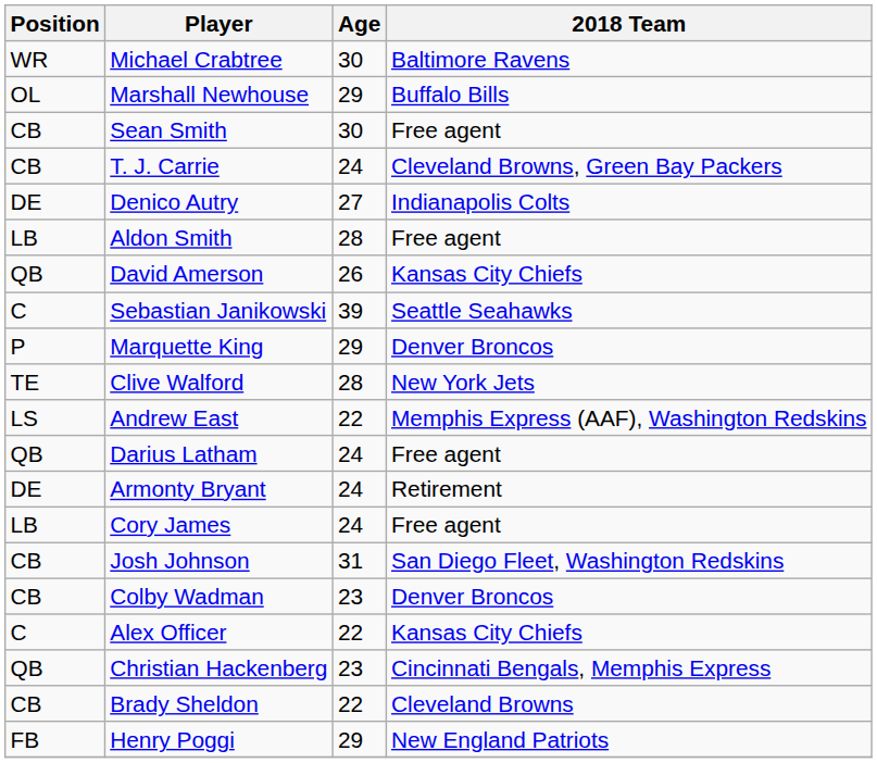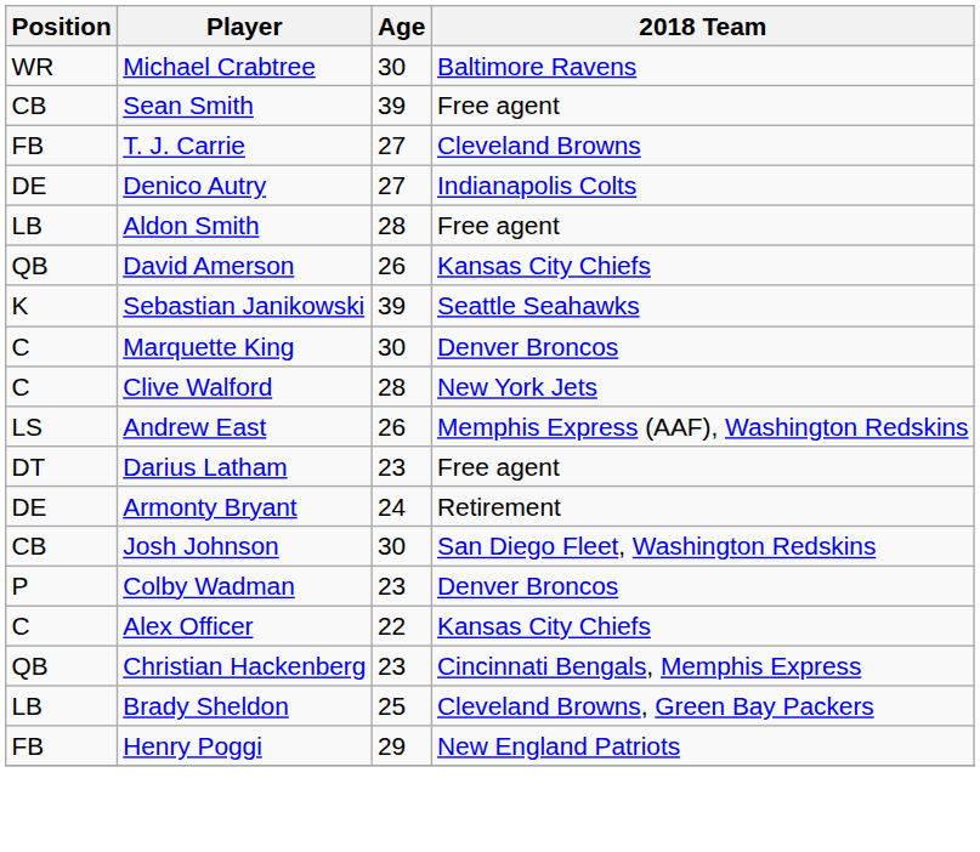 <table class="wikitable" style="font-size: 95%; text-align: left">
 <tr>
 <th>Position</th>
 <th>Player</th>
 <th>Age</th>
 <th>2018 Team</th>
 </tr>
 <tr>
 <td>WR</td>
 <td><a href='#'>Michael Crabtree</a></td>
 <td>30</td>
 <td><a href='#'>Baltimore Ravens</a></td>
 </tr>
 <tr>
-<td>OL</td>
-<td><a href='#'>Marshall Newhouse</a></td>
-<td>29</td>
-<td><a href='#'>Buffalo Bills</a></td>
-</tr>
-<tr>
 <td>CB</td>
 <td><a href='#'>Sean Smith</a></td>
-<td>30</td>
+<td>39</td>
 <td>Free agent</td>
 </tr>
 <tr>
-<td>CB</td>
+<td>FB</td>
 <td><a href='#'>T. J. Carrie</a></td>
-<td>24</td>
-<td><a href='#'>Cleveland Browns</a>, <a href='#'>Green Bay Packers</a></td>
+<td>27</td>
+<td><a href='#'>Cleveland Browns</a></td>
 </tr>
 <tr>
 <td>DE</td>
 <td><a href='#'>Denico Autry</a></td>
 <td>27</td>
 <td><a href='#'>Indianapolis Colts</a></td>
 </tr>
 <tr>
 <td>LB</td>
 <td><a href='#'>Aldon Smith</a></td>
 <td>28</td>
 <td>Free agent</td>
 </tr>
 <tr>
 <td>QB</td>
 <td><a href='#'>David Amerson</a></td>
 <td>26</td>
 <td><a href='#'>Kansas City Chiefs</a></td>
 </tr>
 <tr>
-<td>C</td>
+<td>K</td>
 <td><a href='#'>Sebastian Janikowski</a></td>
 <td>39</td>
 <td><a href='#'>Seattle Seahawks</a></td>
 </tr>
 <tr>
-<td>P</td>
+<td>C</td>
 <td><a href='#'>Marquette King</a></td>
-<td>29</td>
+<td>30</td>
 <td><a href='#'>Denver Broncos</a></td>
 </tr>
 <tr>
-<td>TE</td>
+<td>C</td>
 <td><a href='#'>Clive Walford</a></td>
 <td>28</td>
 <td><a href='#'>New York Jets</a></td>
 </tr>
 <tr>
 <td>LS</td>
 <td><a href='#'>Andrew East</a></td>
-<td>22</td>
+<td>26</td>
 <td><a href='#'>Memphis Express</a> (AAF), <a href='#'>Washington Redskins</a></td>
 </tr>
 <tr>
-<td>QB</td>
+<td>DT</td>
 <td><a href='#'>Darius Latham</a></td>
-<td>24</td>
+<td>23</td>
 <td>Free agent</td>
 </tr>
 <tr>
 <td>DE</td>
 <td><a href='#'>Armonty Bryant</a></td>
 <td>24</td>
 <td>Retirement</td>
 </tr>
 <tr>
-<td>LB</td>
-<td><a href='#'>Cory James</a></td>
-<td>24</td>
-<td>Free agent</td>
-</tr>
-<tr>
 <td>CB</td>
 <td><a href='#'>Josh Johnson</a></td>
-<td>31</td>
+<td>30</td>
 <td><a href='#'>San Diego Fleet</a>, <a href='#'>Washington Redskins</a></td>
 </tr>
 <tr>
-<td>CB</td>
+<td>P</td>
 <td><a href='#'>Colby Wadman</a></td>
 <td>23</td>
 <td><a href='#'>Denver Broncos</a></td>
 </tr>
 <tr>
 <td>C</td>
 <td><a href='#'>Alex Officer</a></td>
 <td>22</td>
 <td><a href='#'>Kansas City Chiefs</a></td>
 </tr>
 <tr>
 <td>QB</td>
 <td><a href='#'>Christian Hackenberg</a></td>
 <td>23</td>
 <td><a href='#'>Cincinnati Bengals</a>, <a href='#'>Memphis Express</a></td>
 </tr>
 <tr>
-<td>CB</td>
+<td>LB</td>
 <td><a href='#'>Brady Sheldon</a></td>
-<td>22</td>
-<td><a href='#'>Cleveland Browns</a></td>
+<td>25</td>
+<td><a href='#'>Cleveland Browns</a>, <a href='#'>Green Bay Packers</a></td>
 </tr>
 <tr>
 <td>FB</td>
 <td><a href='#'>Henry Poggi</a></td>
 <td>29</td>
 <td><a href='#'>New England Patriots</a></td>
 </tr>
 <tr>
 </tr>
 </table>
